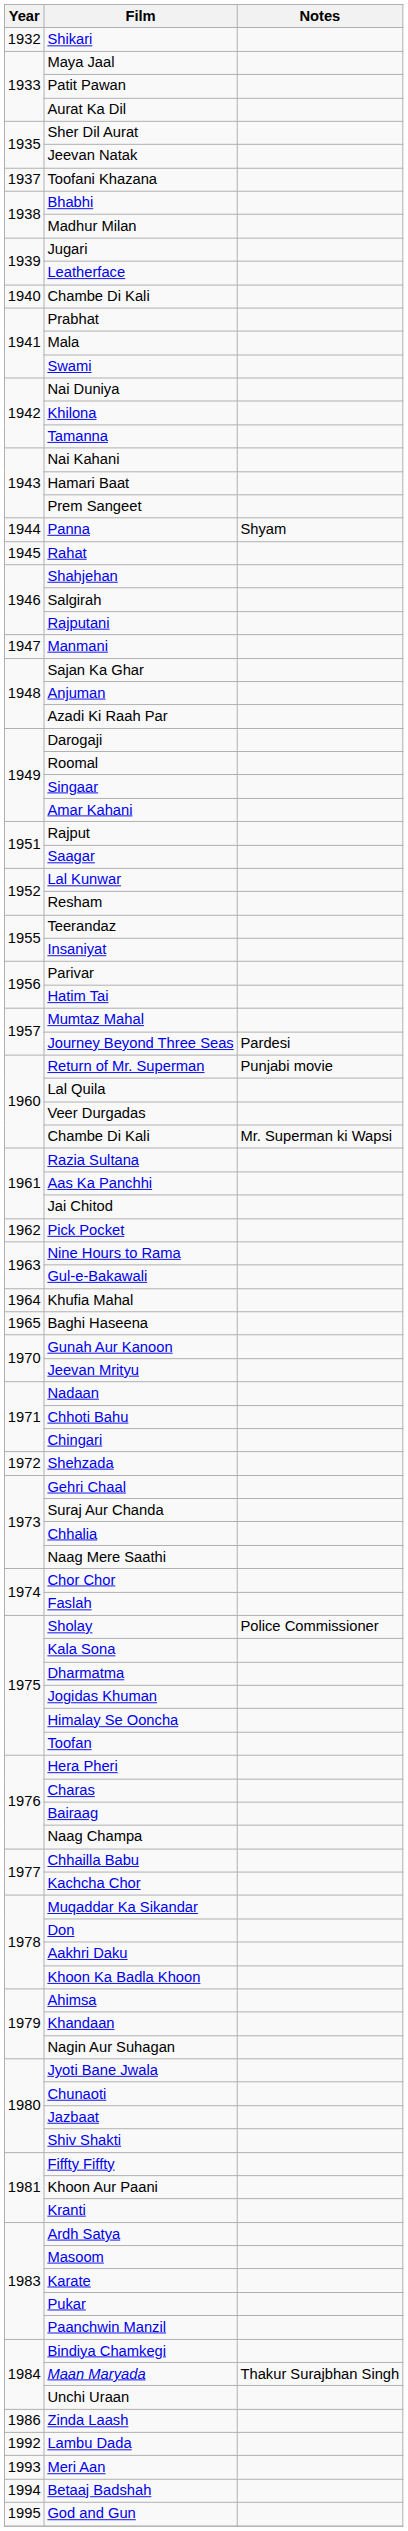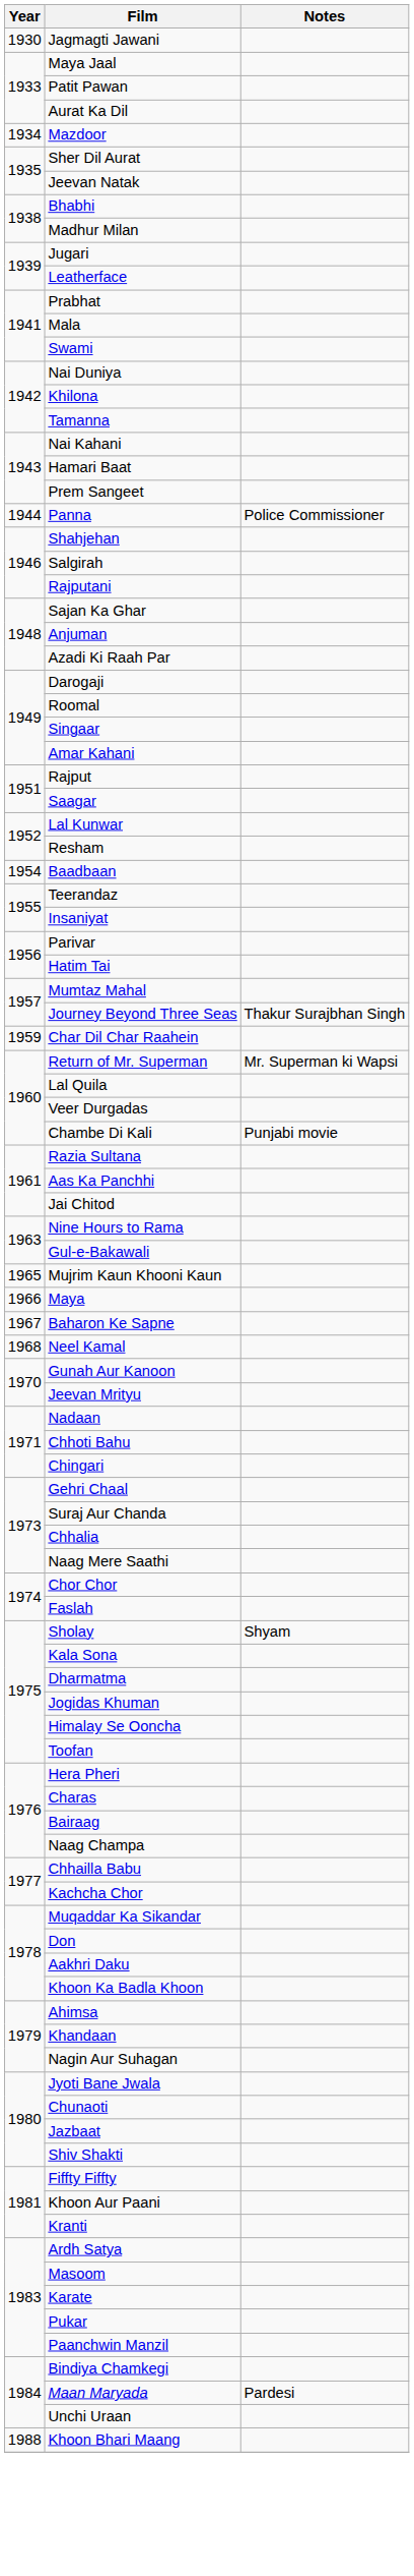 <table class="wikitable">
 <tr>
 <th>Year</th>
 <th>Film</th>
 <th>Notes</th>
 </tr>
 <tr>
-<td>1932</td>
-<td><a href='#'>Shikari</a></td>
+<td>1930</td>
+<td>Jagmagti Jawani</td>
 <td></td>
 </tr>
 <tr>
 <td rowspan ="3">1933</td>
 <td>Maya Jaal</td>
 <td></td>
 </tr>
 <tr>
 <td>Patit Pawan</td>
 <td></td>
 </tr>
 <tr>
 <td>Aurat Ka Dil</td>
 <td></td>
 </tr>
 <tr>
+<td>1934</td>
+<td><a href='#'>Mazdoor</a></td>
+<td></td>
+</tr>
+<tr>
 <td rowspan ="2">1935</td>
 <td>Sher Dil Aurat</td>
 <td></td>
 </tr>
 <tr>
 <td>Jeevan Natak</td>
-<td></td>
-</tr>
-<tr>
-<td>1937</td>
-<td>Toofani Khazana</td>
 <td></td>
 </tr>
 <tr>
 <td rowspan ="2">1938</td>
 <td><a href='#'>Bhabhi</a></td>
 <td></td>
 </tr>
 <tr>
 <td>Madhur Milan</td>
 <td></td>
 </tr>
 <tr>
 <td rowspan ="2">1939</td>
 <td>Jugari</td>
 <td></td>
 </tr>
 <tr>
 <td><a href='#'>Leatherface</a></td>
-<td></td>
-</tr>
-<tr>
-<td>1940</td>
-<td>Chambe Di Kali</td>
 <td></td>
 </tr>
 <tr>
 <td rowspan ="3">1941</td>
 <td>Prabhat</td>
 <td></td>
 </tr>
 <tr>
 <td>Mala</td>
 <td></td>
 </tr>
 <tr>
 <td><a href='#'>Swami</a></td>
 <td></td>
 </tr>
 <tr>
 <td rowspan ="3">1942</td>
 <td>Nai Duniya</td>
 <td></td>
 </tr>
 <tr>
 <td><a href='#'>Khilona</a></td>
 <td></td>
 </tr>
 <tr>
 <td><a href='#'>Tamanna</a></td>
 <td></td>
 </tr>
 <tr>
 <td rowspan ="3">1943</td>
 <td>Nai Kahani</td>
 <td></td>
 </tr>
 <tr>
 <td>Hamari Baat</td>
 <td></td>
 </tr>
 <tr>
 <td>Prem Sangeet</td>
 <td></td>
 </tr>
 <tr>
 <td>1944</td>
 <td><a href='#'>Panna</a></td>
-<td>Shyam</td>
-</tr>
-<tr>
-<td>1945</td>
-<td><a href='#'>Rahat</a></td>
-<td></td>
+<td>Police Commissioner</td>
 </tr>
 <tr>
 <td rowspan ="3">1946</td>
 <td><a href='#'>Shahjehan</a></td>
 <td></td>
 </tr>
 <tr>
 <td>Salgirah</td>
 <td></td>
 </tr>
 <tr>
 <td><a href='#'>Rajputani</a></td>
-<td></td>
-</tr>
-<tr>
-<td>1947</td>
-<td><a href='#'>Manmani</a></td>
 <td></td>
 </tr>
 <tr>
 <td rowspan ="3">1948</td>
 <td>Sajan Ka Ghar</td>
 <td></td>
 </tr>
 <tr>
 <td><a href='#'>Anjuman</a></td>
 <td></td>
 </tr>
 <tr>
 <td>Azadi Ki Raah Par</td>
 <td></td>
 </tr>
 <tr>
 <td rowspan ="4">1949</td>
 <td>Darogaji</td>
 <td></td>
 </tr>
 <tr>
 <td>Roomal</td>
 <td></td>
 </tr>
 <tr>
 <td><a href='#'>Singaar</a></td>
 <td></td>
 </tr>
 <tr>
 <td><a href='#'>Amar Kahani</a></td>
 <td></td>
 </tr>
 <tr>
 <td rowspan ="2">1951</td>
 <td>Rajput</td>
 <td></td>
 </tr>
 <tr>
 <td><a href='#'>Saagar</a></td>
 <td></td>
 </tr>
 <tr>
 <td rowspan ="2">1952</td>
 <td><a href='#'>Lal Kunwar</a></td>
 <td></td>
 </tr>
 <tr>
 <td>Resham</td>
 <td></td>
 </tr>
 <tr>
+<td>1954</td>
+<td><a href='#'>Baadbaan</a></td>
+<td></td>
+</tr>
+<tr>
 <td rowspan ="2">1955</td>
 <td>Teerandaz</td>
 <td></td>
 </tr>
 <tr>
 <td><a href='#'>Insaniyat</a></td>
 <td></td>
 </tr>
 <tr>
 <td rowspan ="2">1956</td>
 <td>Parivar</td>
 <td></td>
 </tr>
 <tr>
 <td><a href='#'>Hatim Tai</a></td>
 <td></td>
 </tr>
 <tr>
 <td rowspan ="2">1957</td>
 <td><a href='#'>Mumtaz Mahal</a></td>
 <td></td>
 </tr>
 <tr>
 <td><a href='#'>Journey Beyond Three Seas</a></td>
-<td>Pardesi</td>
+<td>Thakur Surajbhan Singh</td>
+</tr>
+<tr>
+<td>1959</td>
+<td><a href='#'>Char Dil Char Raahein</a></td>
+<td></td>
 </tr>
 <tr>
 <td rowspan ="4">1960</td>
 <td><a href='#'>Return of Mr. Superman</a></td>
-<td>Punjabi movie</td>
+<td>Mr. Superman ki Wapsi</td>
 </tr>
 <tr>
 <td>Lal Quila</td>
 <td></td>
 </tr>
 <tr>
 <td>Veer Durgadas</td>
 <td></td>
 </tr>
 <tr>
 <td>Chambe Di Kali</td>
-<td>Mr. Superman ki Wapsi</td>
+<td>Punjabi movie</td>
 </tr>
 <tr>
 <td rowspan ="3">1961</td>
 <td><a href='#'>Razia Sultana</a></td>
 <td></td>
 </tr>
 <tr>
 <td><a href='#'>Aas Ka Panchhi</a></td>
 <td></td>
 </tr>
 <tr>
 <td>Jai Chitod</td>
 <td></td>
 </tr>
 <tr>
-<td>1962</td>
-<td><a href='#'>Pick Pocket</a></td>
-<td></td>
-</tr>
-<tr>
 <td rowspan ="2">1963</td>
 <td><a href='#'>Nine Hours to Rama</a></td>
 <td></td>
 </tr>
 <tr>
 <td><a href='#'>Gul-e-Bakawali</a></td>
 <td></td>
 </tr>
 <tr>
-<td>1964</td>
-<td>Khufia Mahal</td>
+<td>1965</td>
+<td>Mujrim Kaun Khooni Kaun</td>
 <td></td>
 </tr>
 <tr>
-<td>1965</td>
-<td>Baghi Haseena</td>
+<td>1966</td>
+<td><a href='#'>Maya</a></td>
+<td></td>
+</tr>
+<tr>
+<td>1967</td>
+<td><a href='#'>Baharon Ke Sapne</a></td>
+<td></td>
+</tr>
+<tr>
+<td>1968</td>
+<td><a href='#'>Neel Kamal</a></td>
 <td></td>
 </tr>
 <tr>
 <td rowspan ="2">1970</td>
 <td><a href='#'>Gunah Aur Kanoon</a></td>
 <td></td>
 </tr>
 <tr>
 <td><a href='#'>Jeevan Mrityu</a></td>
 <td></td>
 </tr>
 <tr>
 <td rowspan ="3">1971</td>
 <td><a href='#'>Nadaan</a></td>
 <td></td>
 </tr>
 <tr>
 <td><a href='#'>Chhoti Bahu</a></td>
 <td></td>
 </tr>
 <tr>
 <td><a href='#'>Chingari</a></td>
-<td></td>
-</tr>
-<tr>
-<td>1972</td>
-<td><a href='#'>Shehzada</a></td>
 <td></td>
 </tr>
 <tr>
 <td rowspan ="4">1973</td>
 <td><a href='#'>Gehri Chaal</a></td>
 <td></td>
 </tr>
 <tr>
 <td>Suraj Aur Chanda</td>
 <td></td>
 </tr>
 <tr>
 <td><a href='#'>Chhalia</a></td>
 <td></td>
 </tr>
 <tr>
 <td>Naag Mere Saathi</td>
 <td></td>
 </tr>
 <tr>
 <td rowspan ="2">1974</td>
 <td><a href='#'>Chor Chor</a></td>
 <td></td>
 </tr>
 <tr>
 <td><a href='#'>Faslah</a></td>
 <td></td>
 </tr>
 <tr>
 <td rowspan ="6">1975</td>
 <td><a href='#'>Sholay</a></td>
-<td>Police Commissioner</td>
+<td>Shyam</td>
 </tr>
 <tr>
 <td><a href='#'>Kala Sona</a></td>
 <td></td>
 </tr>
 <tr>
 <td><a href='#'>Dharmatma</a></td>
 <td></td>
 </tr>
 <tr>
 <td><a href='#'>Jogidas Khuman</a></td>
 <td></td>
 </tr>
 <tr>
 <td><a href='#'>Himalay Se Ooncha</a></td>
 <td></td>
 </tr>
 <tr>
 <td><a href='#'>Toofan</a></td>
 <td></td>
 </tr>
 <tr>
 <td rowspan ="4">1976</td>
 <td><a href='#'>Hera Pheri</a></td>
 <td></td>
 </tr>
 <tr>
 <td><a href='#'>Charas</a></td>
 <td></td>
 </tr>
 <tr>
 <td><a href='#'>Bairaag</a></td>
 <td></td>
 </tr>
 <tr>
 <td>Naag Champa</td>
 <td></td>
 </tr>
 <tr>
 <td rowspan ="2">1977</td>
 <td><a href='#'>Chhailla Babu</a></td>
 <td></td>
 </tr>
 <tr>
 <td><a href='#'>Kachcha Chor</a></td>
 <td></td>
 </tr>
 <tr>
 <td rowspan ="4">1978</td>
 <td><a href='#'>Muqaddar Ka Sikandar</a></td>
 <td></td>
 </tr>
 <tr>
 <td><a href='#'>Don</a></td>
 <td></td>
 </tr>
 <tr>
 <td><a href='#'>Aakhri Daku</a></td>
 <td></td>
 </tr>
 <tr>
 <td><a href='#'>Khoon Ka Badla Khoon</a></td>
 <td></td>
 </tr>
 <tr>
 <td rowspan ="3">1979</td>
 <td><a href='#'>Ahimsa</a></td>
 <td></td>
 </tr>
 <tr>
 <td><a href='#'>Khandaan</a></td>
 <td></td>
 </tr>
 <tr>
 <td>Nagin Aur Suhagan</td>
 <td></td>
 </tr>
 <tr>
 <td rowspan ="4">1980</td>
 <td><a href='#'>Jyoti Bane Jwala</a></td>
 <td></td>
 </tr>
 <tr>
 <td><a href='#'>Chunaoti</a></td>
 <td></td>
 </tr>
 <tr>
 <td><a href='#'>Jazbaat</a></td>
 <td></td>
 </tr>
 <tr>
 <td><a href='#'>Shiv Shakti</a></td>
 <td></td>
 </tr>
 <tr>
 <td rowspan ="3">1981</td>
 <td><a href='#'>Fiffty Fiffty</a></td>
 <td></td>
 </tr>
 <tr>
 <td>Khoon Aur Paani</td>
 <td></td>
 </tr>
 <tr>
 <td><a href='#'>Kranti</a></td>
 <td></td>
 </tr>
 <tr>
 <td rowspan ="5">1983</td>
 <td><a href='#'>Ardh Satya</a></td>
 <td></td>
 </tr>
 <tr>
 <td><a href='#'>Masoom</a></td>
 <td></td>
 </tr>
 <tr>
 <td><a href='#'>Karate</a></td>
 <td></td>
 </tr>
 <tr>
 <td><a href='#'>Pukar</a></td>
 <td></td>
 </tr>
 <tr>
 <td><a href='#'>Paanchwin Manzil</a></td>
 <td></td>
 </tr>
 <tr>
 <td rowspan="3">1984</td>
 <td><a href='#'>Bindiya Chamkegi</a></td>
 <td></td>
 </tr>
 <tr>
 <td><em><a href='#'>Maan Maryada</a></em></td>
-<td>Thakur Surajbhan Singh</td>
+<td>Pardesi</td>
 </tr>
 <tr>
 <td>Unchi Uraan</td>
 <td></td>
 </tr>
 <tr>
-<td>1986</td>
-<td><a href='#'>Zinda Laash</a></td>
-<td></td>
-</tr>
-<tr>
-<td>1992</td>
-<td><a href='#'>Lambu Dada</a></td>
-<td></td>
-</tr>
-<tr>
-<td>1993</td>
-<td><a href='#'>Meri Aan</a></td>
-<td></td>
-</tr>
-<tr>
-<td>1994</td>
-<td><a href='#'>Betaaj Badshah</a></td>
-<td></td>
-</tr>
-<tr>
-<td>1995</td>
-<td><a href='#'>God and Gun</a></td>
+<td>1988</td>
+<td><a href='#'>Khoon Bhari Maang</a></td>
 <td></td>
 </tr>
 <tr>
 </tr>
 </table>
